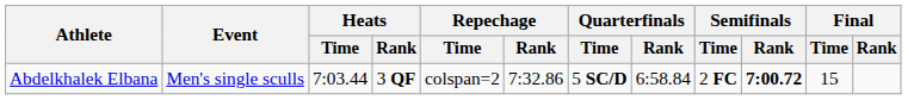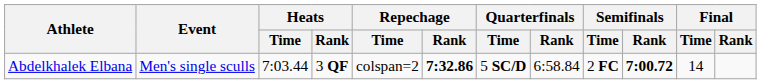 <table class="wikitable" style="font-size:90%">
 <tr>
 <th rowspan="2">Athlete</th>
 <th rowspan="2">Event</th>
 <th colspan="2">Heats</th>
 <th colspan="2">Repechage</th>
 <th colspan="2">Quarterfinals</th>
 <th colspan="2">Semifinals</th>
 <th colspan="2">Final</th>
 </tr>
 <tr style="font-size:95%">
 <th>Time</th>
 <th>Rank</th>
 <th>Time</th>
 <th>Rank</th>
 <th>Time</th>
 <th>Rank</th>
 <th>Time</th>
 <th>Rank</th>
 <th>Time</th>
 <th>Rank</th>
 </tr>
 <tr align=center>
 <td align=left><a href='#'>Abdelkhalek Elbana</a></td>
 <td align=left><a href='#'>Men's single sculls</a></td>
 <td>7:03.44</td>
 <td>3 <strong>QF</strong></td>
 <td>colspan=2 </td>
-<td>7:32.86</td>
+<td><strong>7:32.86</strong></td>
 <td>5 <strong>SC/D</strong></td>
 <td>6:58.84</td>
 <td>2 <strong>FC</strong></td>
 <td><strong>7:00.72</strong></td>
-<td>15</td>
+<td>14</td>
 </tr>
 </table>
